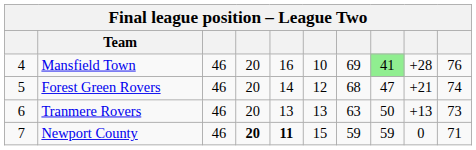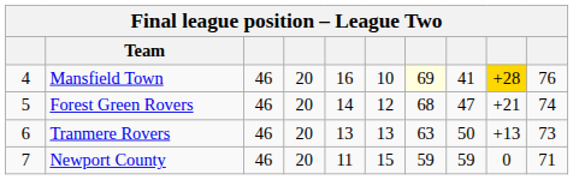 <table class="wikitable" style="text-align:center">
 <tr>
 <th colspan=10><big>Final league position – League Two</big></th>
 </tr>
 <tr>
 <th width="30"></th>
 <th width="175">Team</th>
 <th width="30"></th>
 <th width="30"></th>
 <th width="30"></th>
 <th width="30"></th>
 <th width="30"></th>
 <th width="30"></th>
 <th width="30"></th>
 <th width="30"></th>
 </tr>
 <tr>
 <td>4</td>
 <td align=left><a href='#'>Mansfield Town</a></td>
 <td>46</td>
 <td>20</td>
 <td>16</td>
 <td>10</td>
-<td>69</td>
-<td style="background: lightgreen;">41</td>
-<td>+28</td>
+<td style="background: lightyellow;">69</td>
+<td>41</td>
+<td style="background: gold;">+28</td>
 <td>76</td>
 </tr>
 <tr>
 <td>5</td>
 <td align=left><a href='#'>Forest Green Rovers</a></td>
 <td>46</td>
 <td>20</td>
 <td>14</td>
 <td>12</td>
 <td>68</td>
 <td>47</td>
 <td>+21</td>
 <td>74</td>
 </tr>
 <tr>
 <td>6</td>
 <td align=left><a href='#'>Tranmere Rovers</a></td>
 <td>46</td>
 <td>20</td>
 <td>13</td>
 <td>13</td>
 <td>63</td>
 <td>50</td>
 <td>+13</td>
 <td>73</td>
 </tr>
 <tr>
 <td>7</td>
 <td align=left><a href='#'>Newport County</a></td>
 <td>46</td>
-<td><strong>20</strong></td>
-<td><strong>11</strong></td>
+<td>20</td>
+<td>11</td>
 <td>15</td>
 <td>59</td>
 <td>59</td>
 <td>0</td>
 <td>71</td>
 </tr>
 </table>
